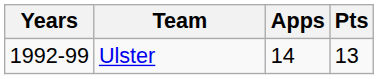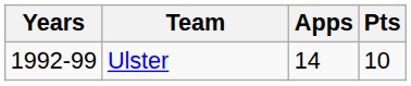 <table class="wikitable" style="text-align:left;">
 <tr>
 <th>Years</th>
 <th width=120px>Team</th>
 <th>Apps</th>
 <th>Pts</th>
 </tr>
 <tr>
 <td>1992-99</td>
 <td><a href='#'>Ulster</a></td>
 <td>14</td>
-<td>13</td>
+<td>10</td>
 </tr>
 </table>
